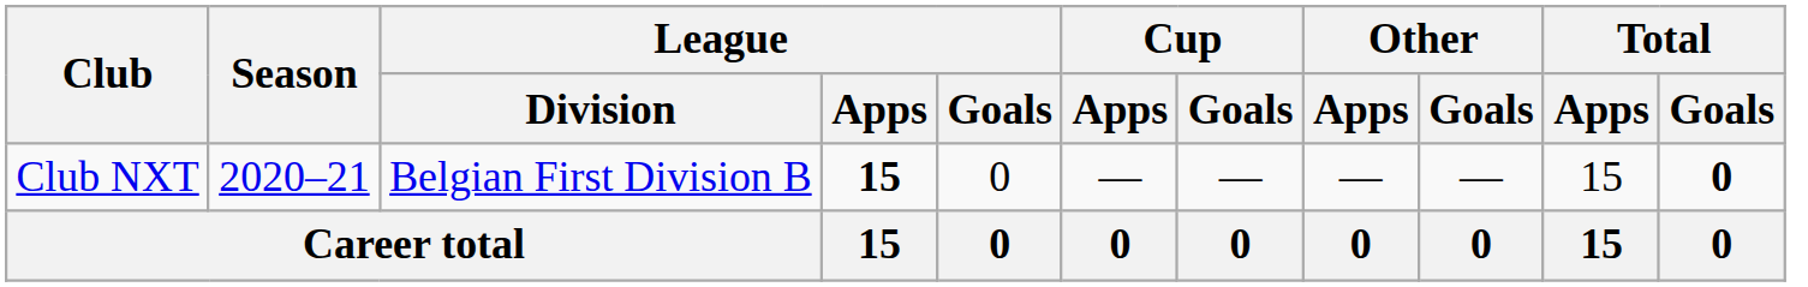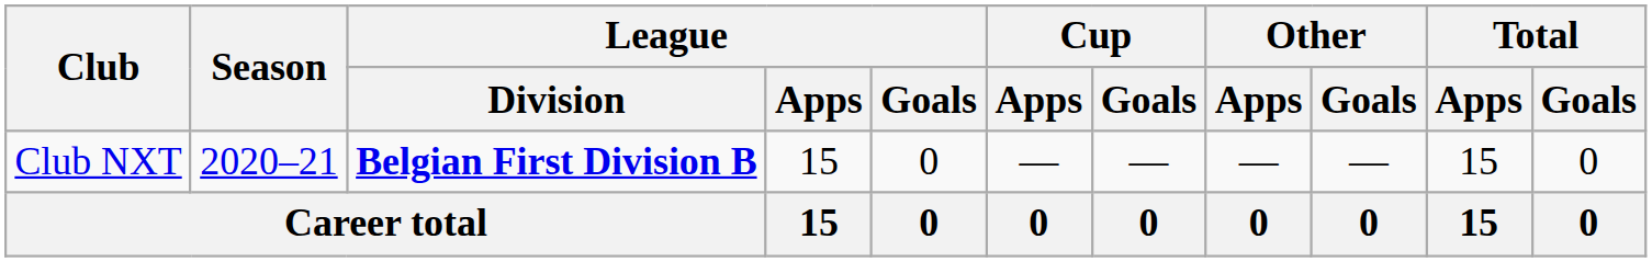 <table class=wikitable style=text-align:center>
 <tr>
 <th rowspan=2>Club</th>
 <th rowspan=2>Season</th>
 <th colspan=3>League</th>
 <th colspan=2>Cup</th>
 <th colspan=2>Other</th>
 <th colspan=2>Total</th>
 </tr>
 <tr>
 <th>Division</th>
 <th>Apps</th>
 <th>Goals</th>
 <th>Apps</th>
 <th>Goals</th>
 <th>Apps</th>
 <th>Goals</th>
 <th>Apps</th>
 <th>Goals</th>
 </tr>
 <tr>
 <td rowspan=1><a href='#'>Club NXT</a></td>
 <td><a href='#'>2020–21</a></td>
-<td><a href='#'>Belgian First Division B</a></td>
-<td><strong>15</strong></td>
+<td><strong><a href='#'>Belgian First Division B</a></strong></td>
+<td>15</td>
 <td>0</td>
 <td>—</td>
 <td>—</td>
 <td>—</td>
 <td>—</td>
 <td>15</td>
-<td><strong>0</strong></td>
+<td>0</td>
 </tr>
 <tr>
 <th colspan=3>Career total</th>
 <th>15</th>
 <th>0</th>
 <th>0</th>
 <th>0</th>
 <th>0</th>
 <th>0</th>
 <th>15</th>
 <th>0</th>
 </tr>
 </table>
